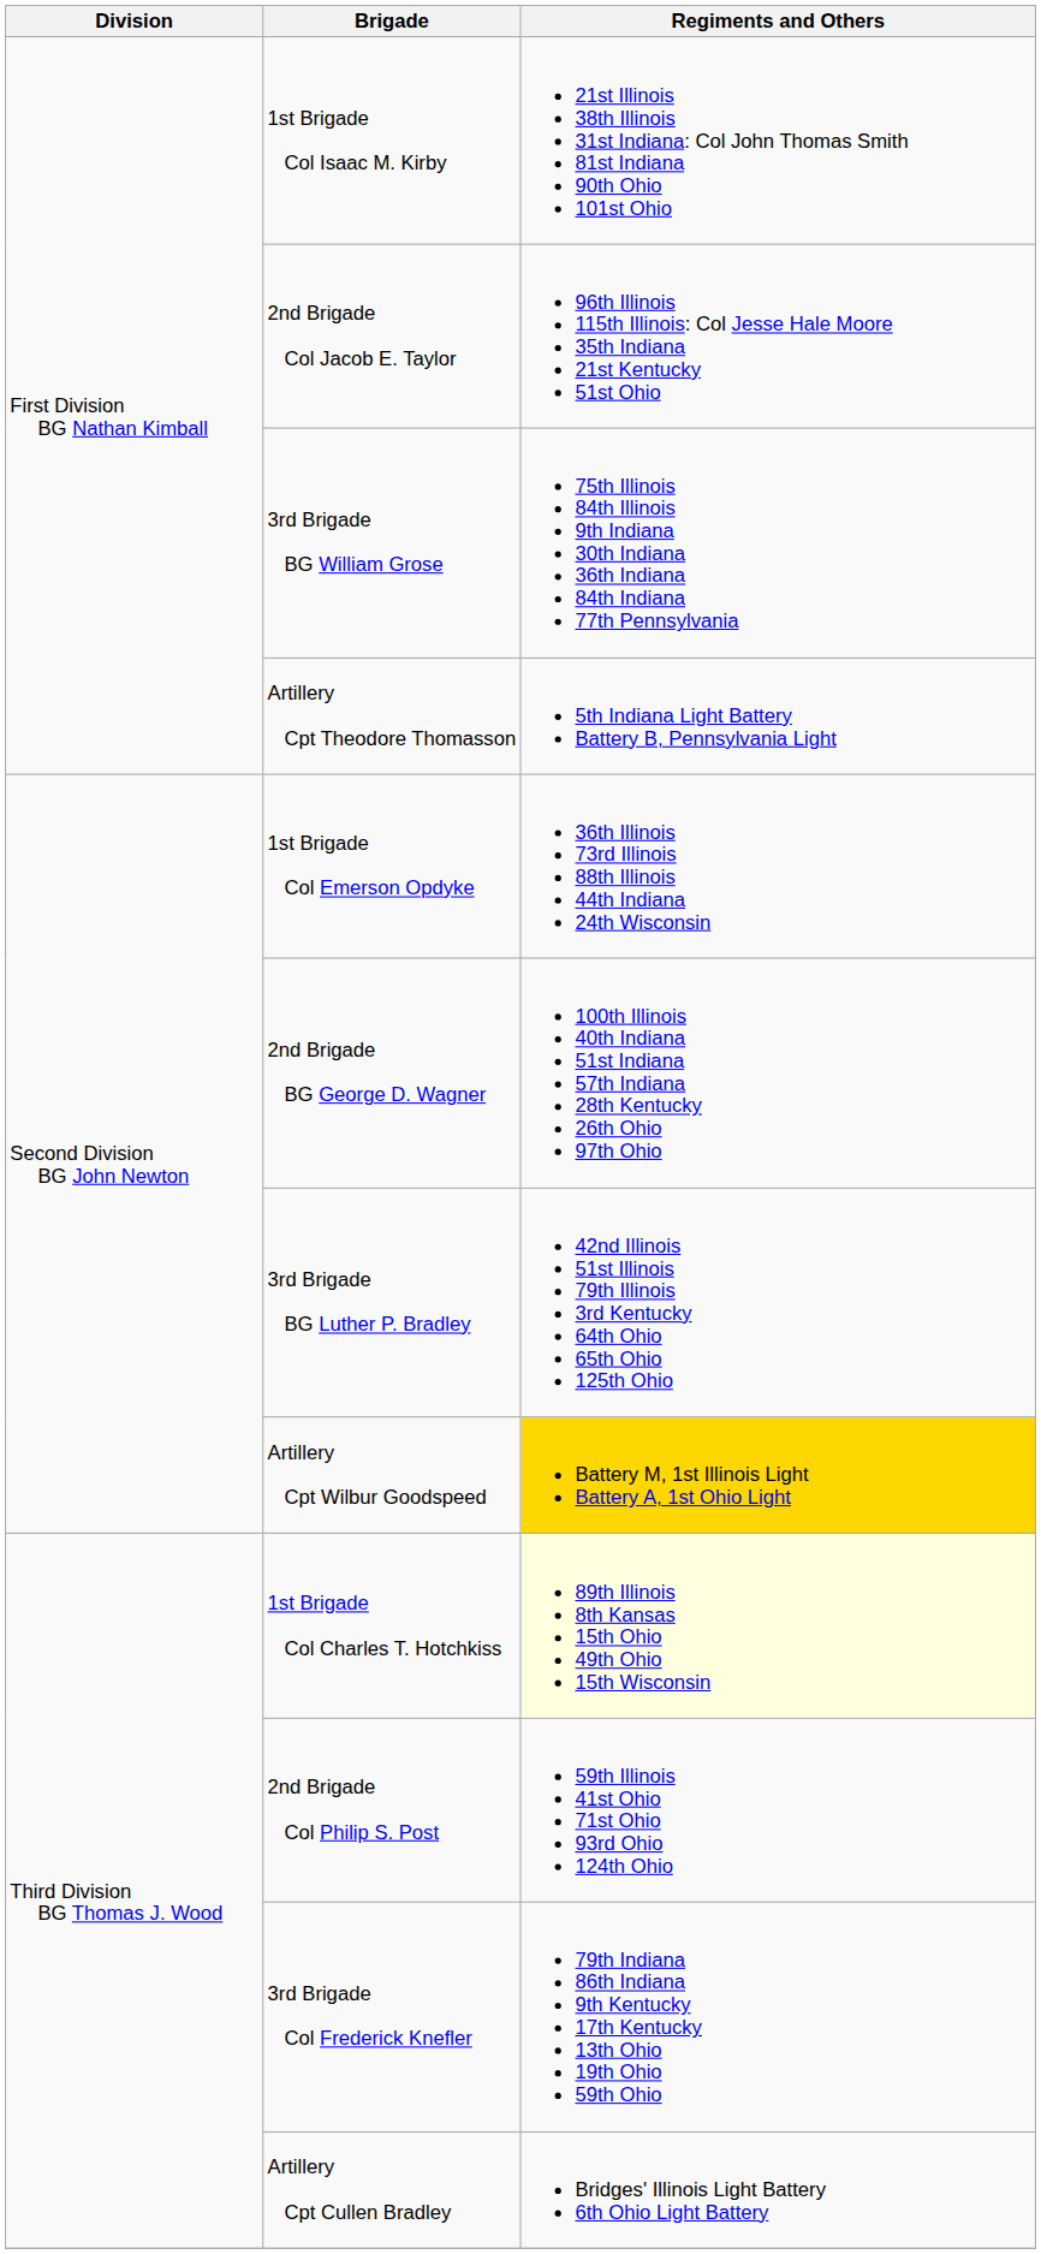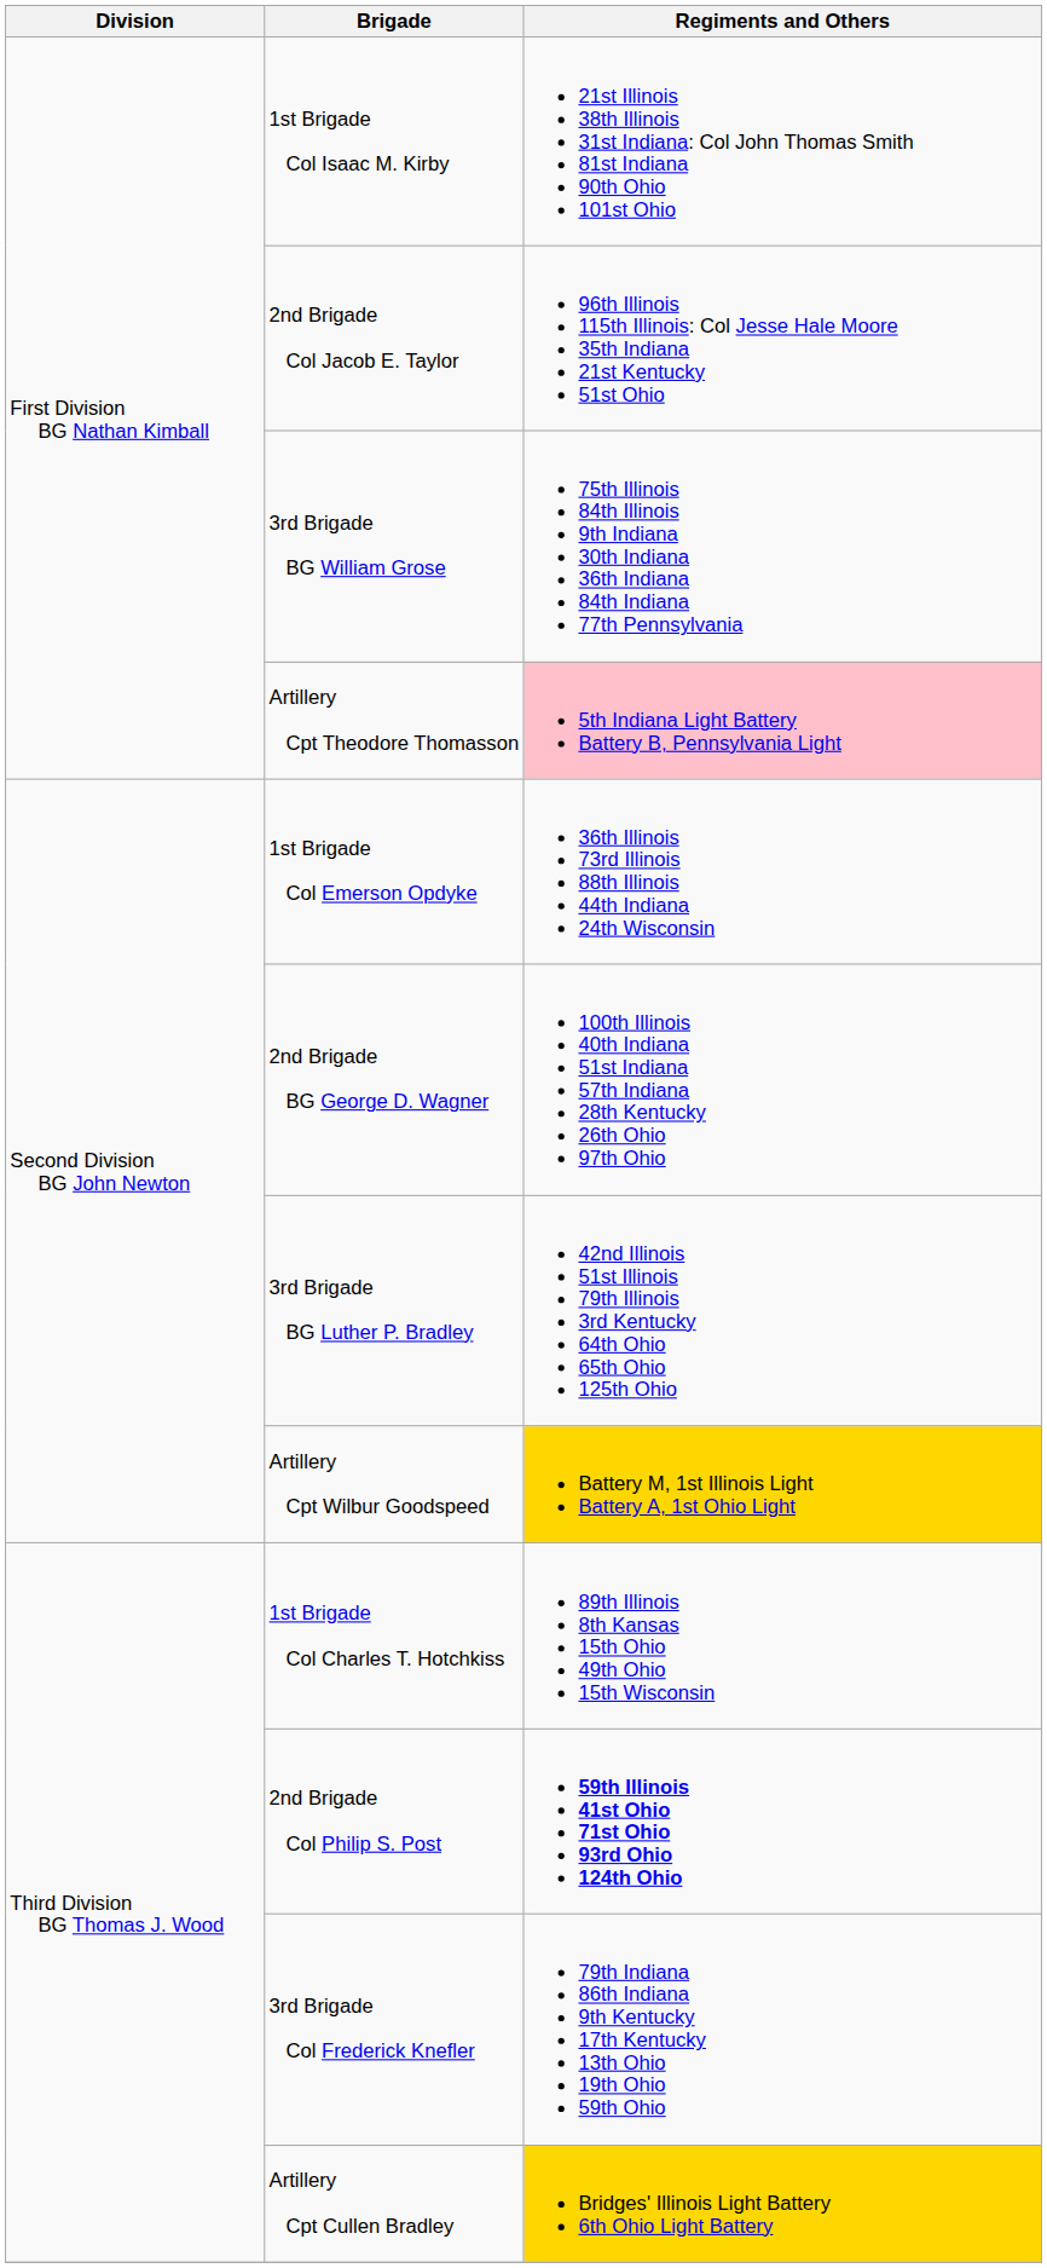 <table class="wikitable">
 <tr>
 <th width=25%>Division</th>
 <th width=25%>Brigade</th>
 <th>Regiments and Others</th>
 </tr>
 <tr>
 <td rowspan=4><br>First Division <br>     BG <a href='#'>Nathan Kimball</a><br></td>
 <td>1st Brigade<br><br>   Col Isaac M. Kirby</td>
 <td><br><ul><li><a href='#'>21st Illinois</a></li><li><a href='#'>38th Illinois</a></li><li><a href='#'>31st Indiana</a>: Col John Thomas Smith</li><li><a href='#'>81st Indiana</a></li><li><a href='#'>90th Ohio</a></li><li><a href='#'>101st Ohio</a></li></ul></td>
 </tr>
 <tr>
 <td>2nd Brigade<br><br>   Col Jacob E. Taylor</td>
 <td><br><ul><li><a href='#'>96th Illinois</a></li><li><a href='#'>115th Illinois</a>: Col <a href='#'>Jesse Hale Moore</a></li><li><a href='#'>35th Indiana</a></li><li><a href='#'>21st Kentucky</a></li><li><a href='#'>51st Ohio</a></li></ul></td>
 </tr>
 <tr>
 <td>3rd Brigade<br><br>   BG <a href='#'>William Grose</a></td>
 <td><br><ul><li><a href='#'>75th Illinois</a></li><li><a href='#'>84th Illinois</a></li><li><a href='#'>9th Indiana</a></li><li><a href='#'>30th Indiana</a></li><li><a href='#'>36th Indiana</a></li><li><a href='#'>84th Indiana</a></li><li><a href='#'>77th Pennsylvania</a></li></ul></td>
 </tr>
 <tr>
 <td>Artillery<br><br>   Cpt Theodore Thomasson</td>
-<td><br><ul><li><a href='#'>5th Indiana Light Battery</a></li><li><a href='#'>Battery B, Pennsylvania Light</a></li></ul></td>
+<td style="background: pink;"><br><ul><li><a href='#'>5th Indiana Light Battery</a></li><li><a href='#'>Battery B, Pennsylvania Light</a></li></ul></td>
 </tr>
 <tr>
 <td rowspan=4><br>Second Division <br>     BG <a href='#'>John Newton</a><br></td>
 <td>1st Brigade<br><br>   Col <a href='#'>Emerson Opdyke</a></td>
 <td><br><ul><li><a href='#'>36th Illinois</a></li><li><a href='#'>73rd Illinois</a></li><li><a href='#'>88th Illinois</a></li><li><a href='#'>44th Indiana</a></li><li><a href='#'>24th Wisconsin</a></li></ul></td>
 </tr>
 <tr>
 <td>2nd Brigade<br><br>   BG <a href='#'>George D. Wagner</a></td>
 <td><br><ul><li><a href='#'>100th Illinois</a></li><li><a href='#'>40th Indiana</a></li><li><a href='#'>51st Indiana</a></li><li><a href='#'>57th Indiana</a></li><li><a href='#'>28th Kentucky</a></li><li><a href='#'>26th Ohio</a></li><li><a href='#'>97th Ohio</a></li></ul></td>
 </tr>
 <tr>
 <td>3rd Brigade<br><br>   BG <a href='#'>Luther P. Bradley</a></td>
 <td><br><ul><li><a href='#'>42nd Illinois</a></li><li><a href='#'>51st Illinois</a></li><li><a href='#'>79th Illinois</a></li><li><a href='#'>3rd Kentucky</a></li><li><a href='#'>64th Ohio</a></li><li><a href='#'>65th Ohio</a></li><li><a href='#'>125th Ohio</a></li></ul></td>
 </tr>
 <tr>
 <td>Artillery<br><br>   Cpt Wilbur Goodspeed</td>
 <td style="background: gold;"><br><ul><li>Battery M, 1st Illinois Light</li><li><a href='#'>Battery A, 1st Ohio Light</a></li></ul></td>
 </tr>
 <tr>
 <td rowspan=4><br>Third Division <br>     BG <a href='#'>Thomas J. Wood</a><br></td>
 <td><a href='#'>1st Brigade</a><br><br>   Col Charles T. Hotchkiss</td>
-<td style="background: lightyellow;"><br><ul><li><a href='#'>89th Illinois</a></li><li><a href='#'>8th Kansas</a></li><li><a href='#'>15th Ohio</a></li><li><a href='#'>49th Ohio</a></li><li><a href='#'>15th Wisconsin</a></li></ul></td>
+<td><br><ul><li><a href='#'>89th Illinois</a></li><li><a href='#'>8th Kansas</a></li><li><a href='#'>15th Ohio</a></li><li><a href='#'>49th Ohio</a></li><li><a href='#'>15th Wisconsin</a></li></ul></td>
 </tr>
 <tr>
 <td>2nd Brigade<br><br>   Col <a href='#'>Philip S. Post</a></td>
-<td><br><ul><li><a href='#'>59th Illinois</a></li><li><a href='#'>41st Ohio</a></li><li><a href='#'>71st Ohio</a></li><li><a href='#'>93rd Ohio</a></li><li><a href='#'>124th Ohio</a></li></ul></td>
+<td><strong><br><ul><li><a href='#'>59th Illinois</a></li><li><a href='#'>41st Ohio</a></li><li><a href='#'>71st Ohio</a></li><li><a href='#'>93rd Ohio</a></li><li><a href='#'>124th Ohio</a></li></ul></strong></td>
 </tr>
 <tr>
 <td>3rd Brigade<br><br>   Col <a href='#'>Frederick Knefler</a></td>
 <td><br><ul><li><a href='#'>79th Indiana</a></li><li><a href='#'>86th Indiana</a></li><li><a href='#'>9th Kentucky</a></li><li><a href='#'>17th Kentucky</a></li><li><a href='#'>13th Ohio</a></li><li><a href='#'>19th Ohio</a></li><li><a href='#'>59th Ohio</a></li></ul></td>
 </tr>
 <tr>
 <td>Artillery<br><br>   Cpt Cullen Bradley</td>
-<td><br><ul><li>Bridges' Illinois Light Battery</li><li><a href='#'>6th Ohio Light Battery</a></li></ul></td>
+<td style="background: gold;"><br><ul><li>Bridges' Illinois Light Battery</li><li><a href='#'>6th Ohio Light Battery</a></li></ul></td>
 </tr>
 <tr>
 </tr>
 </table>
